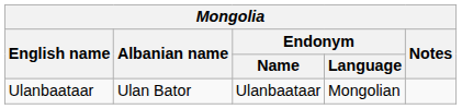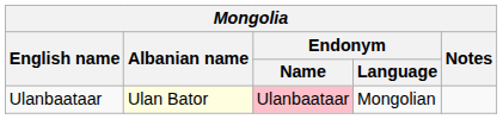 <table class="wikitable sortable">
 <tr>
 <th colspan="5"> <em>Mongolia</em></th>
 </tr>
 <tr>
 <th rowspan="2">English name</th>
 <th rowspan="2">Albanian name</th>
 <th colspan="2">Endonym</th>
 <th rowspan="2">Notes</th>
 </tr>
 <tr>
 <th>Name</th>
 <th>Language</th>
 </tr>
 <tr>
 <td>Ulanbaataar</td>
-<td>Ulan Bator</td>
-<td>Ulanbaataar</td>
+<td style="background: lightyellow;">Ulan Bator</td>
+<td style="background: pink;">Ulanbaataar</td>
 <td>Mongolian</td>
 <td></td>
 </tr>
 </table>
